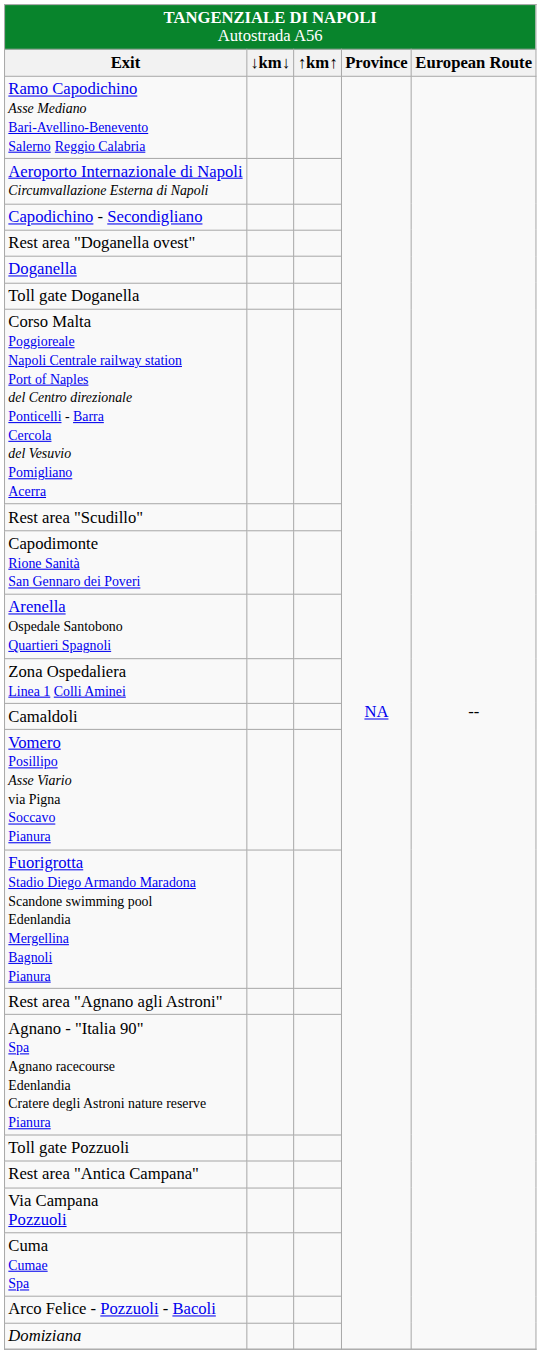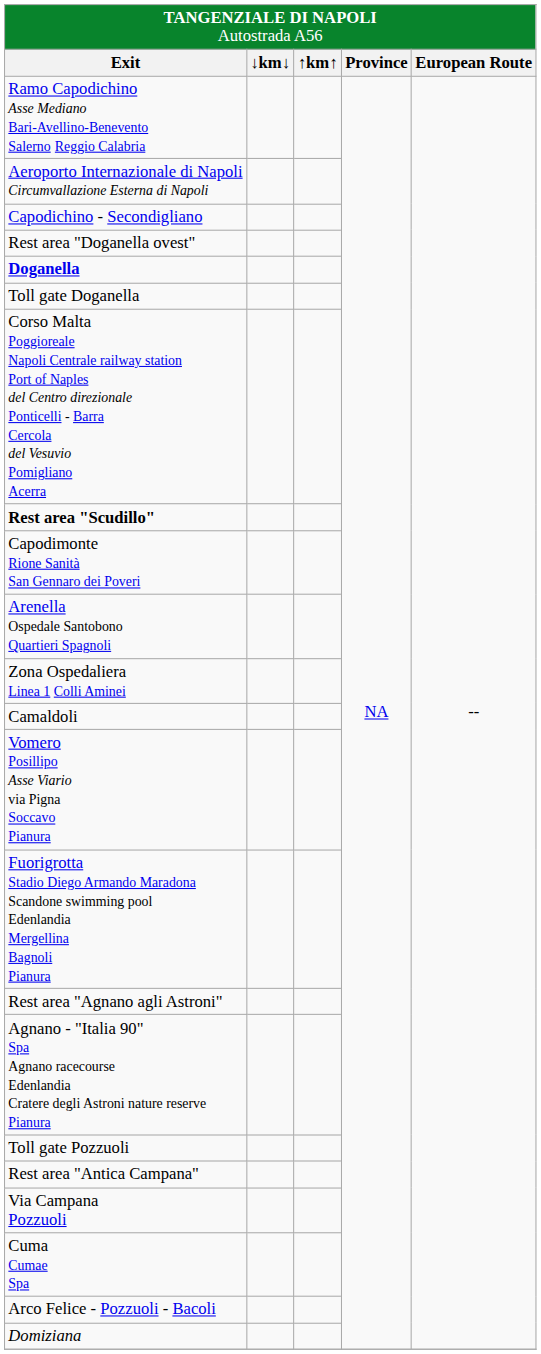 <table class="wikitable" border="1">
 <tr>
 </tr>
 <tr align="center" bgcolor="08842C" style="color: white;font-size:100%;">
 <td colspan="6"><strong> TANGENZIALE DI NAPOLI</strong><br>Autostrada A56</td>
 </tr>
 <tr>
 <th style="text-align:center;"><strong>Exit</strong></th>
 <th style="text-align:center;"><strong>↓km↓</strong></th>
 <th style="text-align:center;"><strong>↑km↑</strong></th>
 <th align="center"><strong>Province</strong></th>
 <th align="center"><strong>European Route</strong></th>
 </tr>
 <tr>
 <td>    <a href='#'>Ramo Capodichino</a> <br><small> <em>Asse Mediano</em></small><br>  <small><a href='#'>Bari-Avellino-Benevento</a></small><br>  <small><a href='#'>Salerno</a></small>  <small><a href='#'>Reggio Calabria</a></small></td>
 <td align="right"></td>
 <td align="right"></td>
 <td rowspan="22" align="center"><a href='#'>NA</a></td>
 <td rowspan="22" align="center">--</td>
 </tr>
 <tr>
 <td>  <a href='#'>Aeroporto Internazionale di Napoli</a><br><small> <em>Circumvallazione Esterna di Napoli</em></small></td>
 <td align="right"></td>
 <td align="right"></td>
 </tr>
 <tr>
 <td> <a href='#'>Capodichino</a> - <a href='#'>Secondigliano</a></td>
 <td align="right"></td>
 <td align="right"></td>
 </tr>
 <tr>
 <td> Rest area "Doganella ovest"</td>
 <td align="right"></td>
 <td align="right"></td>
 </tr>
 <tr>
-<td> <a href='#'>Doganella</a></td>
+<td><strong> <a href='#'>Doganella</a></strong></td>
 <td align="right"></td>
 <td align="right"></td>
 </tr>
 <tr>
 <td> Toll gate Doganella</td>
 <td align="right"></td>
 <td align="right"></td>
 </tr>
 <tr>
 <td> Corso Malta<br><small><a href='#'>Poggioreale</a> <br>  <a href='#'>Napoli Centrale railway station</a> <br>  <a href='#'>Port of Naples</a> </small><br><small> <em>del Centro direzionale</em> </small><br><small><a href='#'>Ponticelli</a> - <a href='#'>Barra</a><br><a href='#'>Cercola</a> <br>  <em>del Vesuvio</em><br><a href='#'>Pomigliano</a><br><a href='#'>Acerra</a></small></td>
 <td align="right"></td>
 <td align="right"></td>
 </tr>
 <tr>
-<td> Rest area "Scudillo"</td>
+<td><strong> Rest area "Scudillo"</strong></td>
 <td align="right"></td>
 <td align="right"></td>
 </tr>
 <tr>
 <td> Capodimonte<br><small><a href='#'>Rione Sanità </a><br> <a href='#'>San Gennaro dei Poveri</a></small></td>
 <td align="right"></td>
 <td align="right"></td>
 </tr>
 <tr>
 <td> <a href='#'>Arenella</a><br><small> Ospedale Santobono <br> <a href='#'>Quartieri Spagnoli</a></small></td>
 <td align="right"></td>
 <td align="right"></td>
 </tr>
 <tr>
 <td> Zona Ospedaliera  <br><small> <a href='#'>Linea 1</a> <a href='#'>Colli Aminei</a></small></td>
 <td align="right"></td>
 <td align="right"></td>
 </tr>
 <tr>
 <td> Camaldoli</td>
 <td align="right"></td>
 <td align="right"></td>
 </tr>
 <tr>
 <td> <a href='#'>Vomero</a><br><small><a href='#'>Posillipo</a><br></small><small> <em>Asse Viario</em><br>via Pigna<br><a href='#'>Soccavo</a><br><a href='#'>Pianura</a></small></td>
 <td align="right"></td>
 <td align="right"></td>
 </tr>
 <tr>
 <td> <a href='#'>Fuorigrotta</a><br><small>  <a href='#'>Stadio Diego Armando Maradona</a></small><br><small> Scandone swimming pool<br> Edenlandia</small><br><small><a href='#'>Mergellina</a></small><br><small><a href='#'>Bagnoli</a></small><br><small><a href='#'>Pianura</a></small></td>
 <td align="right"></td>
 <td align="right"></td>
 </tr>
 <tr>
 <td> Rest area "Agnano agli Astroni"</td>
 <td align="right"></td>
 <td align="right"></td>
 </tr>
 <tr>
 <td> Agnano - "Italia 90"<br><small>  <a href='#'>Spa</a><br> Agnano racecourse<br> Edenlandia<br> Cratere degli Astroni nature reserve<br><a href='#'>Pianura</a></small></td>
 <td align="right"></td>
 <td align="right"></td>
 </tr>
 <tr>
 <td> Toll gate Pozzuoli</td>
 <td align="right"></td>
 <td align="right"></td>
 </tr>
 <tr>
 <td> Rest area "Antica Campana"</td>
 <td align="right"></td>
 <td align="right"></td>
 </tr>
 <tr>
 <td> Via Campana<br><a href='#'>Pozzuoli</a></td>
 <td align="right"></td>
 <td align="right"></td>
 </tr>
 <tr>
 <td> Cuma <br><small> <a href='#'>Cumae</a></small><br><small>  <a href='#'>Spa</a> </small></td>
 <td align="right"></td>
 <td align="right"></td>
 </tr>
 <tr>
 <td> Arco Felice - <a href='#'>Pozzuoli</a> - <a href='#'>Bacoli</a></td>
 <td align="right"></td>
 <td align="right"></td>
 </tr>
 <tr>
 <td>  <em>Domiziana</em></td>
 <td align="right"></td>
 <td align="right"></td>
 </tr>
 <tr>
 </tr>
 </table>
